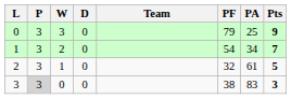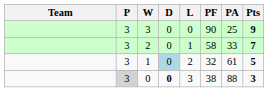 <table class="wikitable" style="text-align:center">
 <tr>
-<th width=25>L</th>
+<th width=165>Team</th>
 <th width=25>P</th>
 <th width=25>W</th>
 <th width=25>D</th>
-<th width=165>Team</th>
+<th width=25>L</th>
 <th width=25>PF</th>
 <th width=25>PA</th>
 <th width=25>Pts</th>
 </tr>
 <tr bgcolor=#ccffcc>
-<td>0</td>
+<td align=left></td>
 <td>3</td>
 <td>3</td>
 <td>0</td>
-<td align=left></td>
-<td>79</td>
+<td>0</td>
+<td>90</td>
 <td>25</td>
 <td><strong>9</strong></td>
 </tr>
 <tr bgcolor=#ccffcc>
-<td>1</td>
+<td align=left></td>
 <td>3</td>
 <td>2</td>
 <td>0</td>
-<td align=left></td>
-<td>54</td>
-<td>34</td>
+<td>1</td>
+<td>58</td>
+<td>33</td>
 <td><strong>7</strong></td>
 </tr>
 <tr>
-<td>2</td>
+<td align=left></td>
 <td>3</td>
 <td>1</td>
-<td>0</td>
-<td align=left></td>
+<td style="background: lightblue;">0</td>
+<td>2</td>
 <td>32</td>
 <td>61</td>
 <td><strong>5</strong></td>
 </tr>
 <tr>
-<td>3</td>
+<td align=left></td>
 <td style="background: lightgrey;">3</td>
 <td>0</td>
-<td>0</td>
-<td align=left></td>
+<td><strong>0</strong></td>
+<td>3</td>
 <td>38</td>
-<td>83</td>
+<td>88</td>
 <td><strong>3</strong></td>
 </tr>
 </table>
